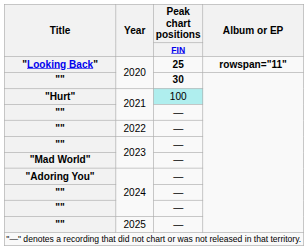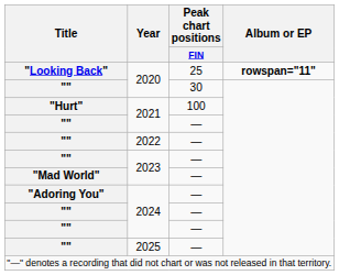 <table class="wikitable plainrowheaders" style="text-align:center;">
 <tr>
 <th scope="col" rowspan="2">Title</th>
 <th scope="col" rowspan="2">Year</th>
 <th scope="col" colspan="1">Peak chart positions</th>
 <th scope="col" rowspan="2">Album or EP</th>
 </tr>
 <tr>
 <th scope="col" style="width:3em;font-size:85%;"><a href='#'>FIN</a><br></th>
 </tr>
 <tr>
 <th scope="row">"<a href='#'>Looking Back</a>"</th>
 <td rowspan="2">2020</td>
-<td><strong>25</strong></td>
+<td>25</td>
 <td><strong>rowspan="11" </strong></td>
 </tr>
 <tr>
 <th scope="row">""</th>
-<td><strong>30</strong></td>
+<td>30</td>
 </tr>
 <tr>
 <th scope="row">"Hurt"</th>
 <td rowspan="2">2021</td>
-<td style="background: paleturquoise;">100</td>
+<td>100</td>
 </tr>
 <tr>
 <th scope="row">""</th>
 <td>—</td>
 </tr>
 <tr>
 <th scope="row">""</th>
 <td>2022</td>
 <td>—</td>
 </tr>
 <tr>
 <th scope="row">""</th>
 <td rowspan="2">2023</td>
 <td>—</td>
 </tr>
 <tr>
 <th scope="row">"Mad World"<br></th>
 <td>—</td>
 </tr>
 <tr>
 <th scope="row">"Adoring You"<br></th>
 <td rowspan="3">2024</td>
 <td>—</td>
 </tr>
 <tr>
 <th scope="row">""</th>
 <td>—</td>
 </tr>
 <tr>
 <th scope="row">""</th>
 <td>—</td>
 </tr>
 <tr>
 <th scope="row">""</th>
 <td>2025</td>
 <td>—</td>
 </tr>
 <tr>
 <td colspan="4" style="font-size:85%">"—" denotes a recording that did not chart or was not released in that territory.</td>
 </tr>
 </table>
